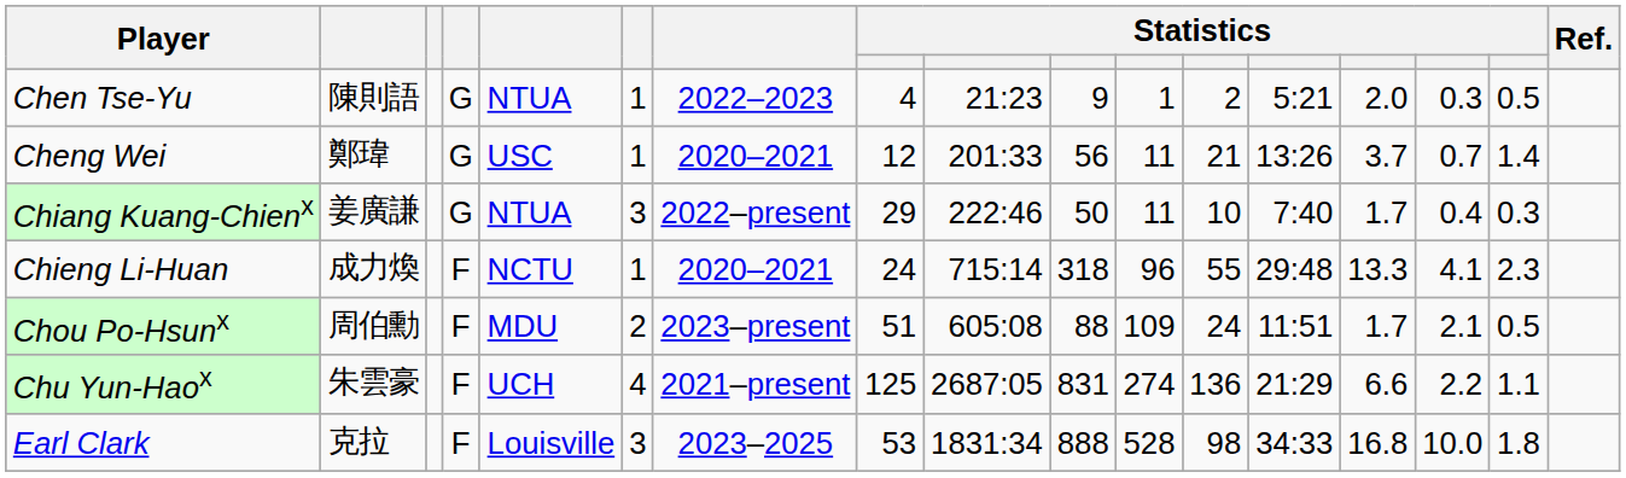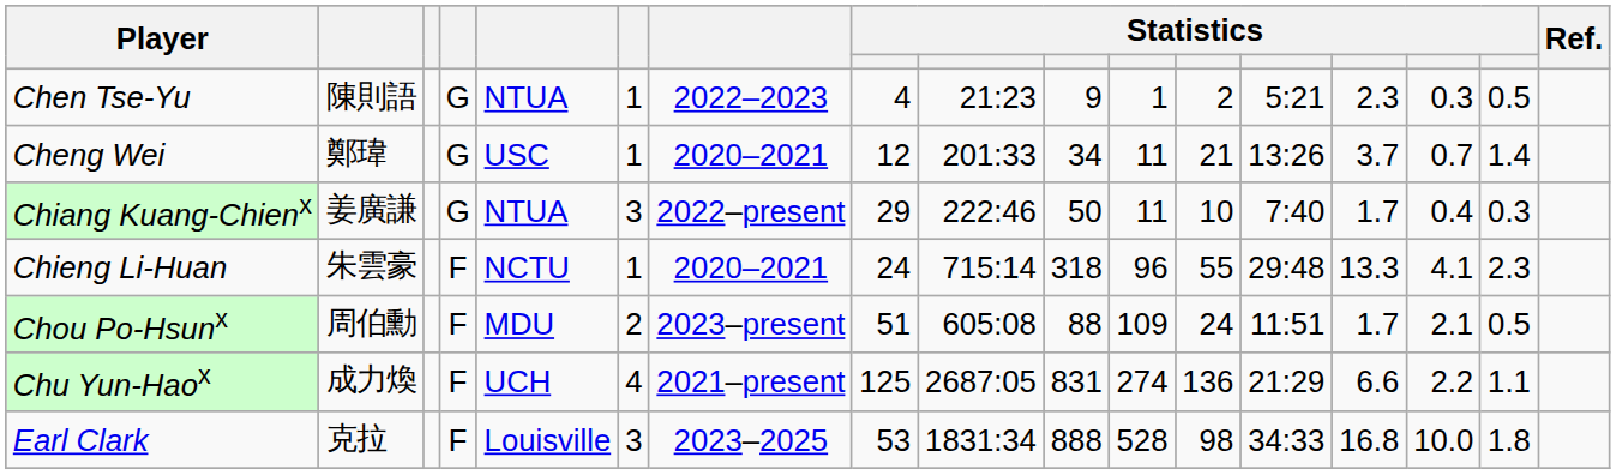 <table class="wikitable sortable" style="font-size:95%; text-align:right;">
 <tr>
 <th rowspan="2">Player</th>
 <th rowspan="2"></th>
 <th rowspan="2"></th>
 <th rowspan="2"></th>
 <th rowspan="2"></th>
 <th rowspan="2"></th>
 <th rowspan="2"></th>
 <th colspan="9">Statistics</th>
 <th rowspan="2">Ref.</th>
 </tr>
 <tr>
 <th></th>
 <th></th>
 <th></th>
 <th></th>
 <th></th>
 <th></th>
 <th></th>
 <th></th>
 <th></th>
 </tr>
 <tr>
 <td align="left"><em>Chen Tse-Yu</em></td>
 <td align="left">陳則語</td>
 <td align="center"></td>
 <td align="center">G</td>
 <td align="left"><a href='#'>NTUA</a></td>
 <td align="center">1</td>
 <td align="center"><a href='#'>2022–2023</a></td>
 <td>4</td>
 <td>21:23</td>
 <td>9</td>
 <td>1</td>
 <td>2</td>
 <td>5:21</td>
-<td>2.0</td>
+<td>2.3</td>
 <td>0.3</td>
 <td>0.5</td>
 <td align="center"></td>
 </tr>
 <tr>
 <td align="left"><em>Cheng Wei</em></td>
 <td align="left">鄭瑋</td>
 <td align="center"></td>
 <td align="center">G</td>
 <td align="left"><a href='#'>USC</a></td>
 <td align="center">1</td>
 <td align="center"><a href='#'>2020–2021</a></td>
 <td>12</td>
 <td>201:33</td>
-<td>56</td>
+<td>34</td>
 <td>11</td>
 <td>21</td>
 <td>13:26</td>
 <td>3.7</td>
 <td>0.7</td>
 <td>1.4</td>
 <td align="center"></td>
 </tr>
 <tr>
 <td align="left" bgcolor="#CCFFCC"><em>Chiang Kuang-Chien</em><sup>x</sup></td>
 <td align="left">姜廣謙</td>
 <td align="center"></td>
 <td align="center">G</td>
 <td align="left"><a href='#'>NTUA</a></td>
 <td align="center">3</td>
 <td align="center"><a href='#'>2022</a>–<a href='#'>present</a></td>
 <td>29</td>
 <td>222:46</td>
 <td>50</td>
 <td>11</td>
 <td>10</td>
 <td>7:40</td>
 <td>1.7</td>
 <td>0.4</td>
 <td>0.3</td>
 <td align="center"></td>
 </tr>
 <tr>
 <td align="left"><em>Chieng Li-Huan</em></td>
-<td align="left">成力煥</td>
+<td align="left">朱雲豪</td>
 <td align="center"></td>
 <td align="center">F</td>
 <td align="left"><a href='#'>NCTU</a></td>
 <td align="center">1</td>
 <td align="center"><a href='#'>2020–2021</a></td>
 <td>24</td>
 <td>715:14</td>
 <td>318</td>
 <td>96</td>
 <td>55</td>
 <td>29:48</td>
 <td>13.3</td>
 <td>4.1</td>
 <td>2.3</td>
 <td align="center"></td>
 </tr>
 <tr>
 <td align="left" bgcolor="#CCFFCC"><em>Chou Po-Hsun</em><sup>x</sup></td>
 <td align="left">周伯勳</td>
 <td align="center"></td>
 <td align="center">F</td>
 <td align="left"><a href='#'>MDU</a></td>
 <td align="center">2</td>
 <td align="center"><a href='#'>2023</a>–<a href='#'>present</a></td>
 <td>51</td>
 <td>605:08</td>
 <td>88</td>
 <td>109</td>
 <td>24</td>
 <td>11:51</td>
 <td>1.7</td>
 <td>2.1</td>
 <td>0.5</td>
 <td align="center"></td>
 </tr>
 <tr>
 <td align="left" bgcolor="#CCFFCC"><em>Chu Yun-Hao</em><sup>x</sup></td>
-<td align="left">朱雲豪</td>
+<td align="left">成力煥</td>
 <td align="center"></td>
 <td align="center">F</td>
 <td align="left"><a href='#'>UCH</a></td>
 <td align="center">4</td>
 <td align="center"><a href='#'>2021</a>–<a href='#'>present</a></td>
 <td>125</td>
 <td>2687:05</td>
 <td>831</td>
 <td>274</td>
 <td>136</td>
 <td>21:29</td>
 <td>6.6</td>
 <td>2.2</td>
 <td>1.1</td>
 <td align="center"></td>
 </tr>
 <tr>
 <td align="left"><em><a href='#'>Earl Clark</a></em></td>
 <td align="left">克拉</td>
 <td align="center"></td>
 <td align="center">F</td>
 <td align="left"><a href='#'>Louisville</a></td>
 <td align="center">3</td>
 <td align="center"><a href='#'>2023</a>–<a href='#'>2025</a></td>
 <td>53</td>
 <td>1831:34</td>
 <td>888</td>
 <td>528</td>
 <td>98</td>
 <td>34:33</td>
 <td>16.8</td>
 <td>10.0</td>
 <td>1.8</td>
 <td align="center"></td>
 </tr>
 </table>
